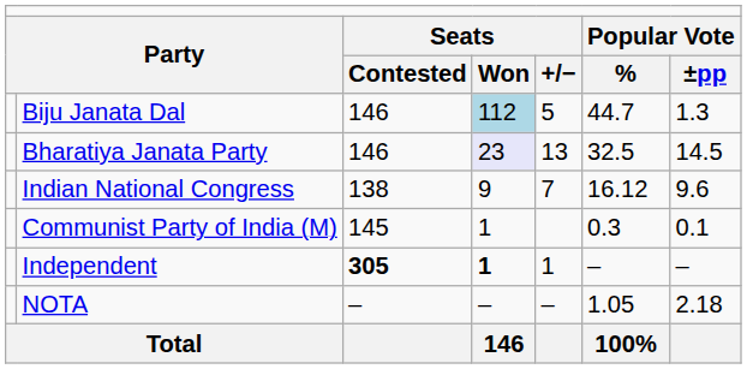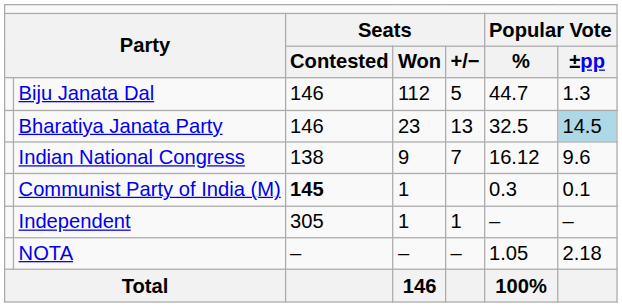 <table class="wikitable">
 <tr>
 <td colspan="7"></td>
 </tr>
 <tr>
 <th colspan="2" rowspan="2">Party</th>
 <th colspan="3">Seats</th>
 <th colspan="2">Popular Vote</th>
 </tr>
 <tr>
 <th>Contested</th>
 <th>Won</th>
 <th><strong>+/−</strong></th>
 <th>%</th>
 <th>±<a href='#'>pp</a></th>
 </tr>
 <tr>
 <td style="background-color: "></td>
 <td><a href='#'>Biju Janata Dal</a></td>
 <td>146</td>
-<td style="background: lightblue;">112</td>
+<td>112</td>
 <td>5</td>
 <td>44.7</td>
 <td>1.3</td>
 </tr>
 <tr>
 <td style="background-color: "></td>
 <td><a href='#'>Bharatiya Janata Party</a></td>
 <td>146</td>
-<td style="background: lavender;">23</td>
+<td>23</td>
 <td>13</td>
 <td>32.5</td>
-<td>14.5</td>
+<td style="background: lightblue;">14.5</td>
 </tr>
 <tr>
 <td style="background-color: "></td>
 <td><a href='#'>Indian National Congress</a></td>
 <td>138</td>
 <td>9</td>
 <td>7</td>
 <td>16.12</td>
 <td>9.6</td>
 </tr>
 <tr>
 <td style="background-color: "></td>
 <td><a href='#'>Communist Party of India (M)</a></td>
-<td>145</td>
+<td><strong>145</strong></td>
 <td>1</td>
 <td></td>
 <td>0.3</td>
 <td>0.1</td>
 </tr>
 <tr>
 <td style="background-color: "></td>
 <td><a href='#'>Independent</a></td>
-<td><strong>305</strong></td>
-<td><strong>1</strong></td>
+<td>305</td>
+<td>1</td>
 <td>1</td>
 <td>–</td>
 <td>–</td>
 </tr>
 <tr>
 <td style="background-color: "></td>
 <td><a href='#'>NOTA</a></td>
 <td>–</td>
 <td>–</td>
 <td>–</td>
 <td>1.05</td>
 <td>2.18</td>
 </tr>
 <tr>
 <th colspan="2">Total</th>
 <th></th>
 <th>146</th>
 <th></th>
 <th>100%</th>
 <th></th>
 </tr>
 </table>
